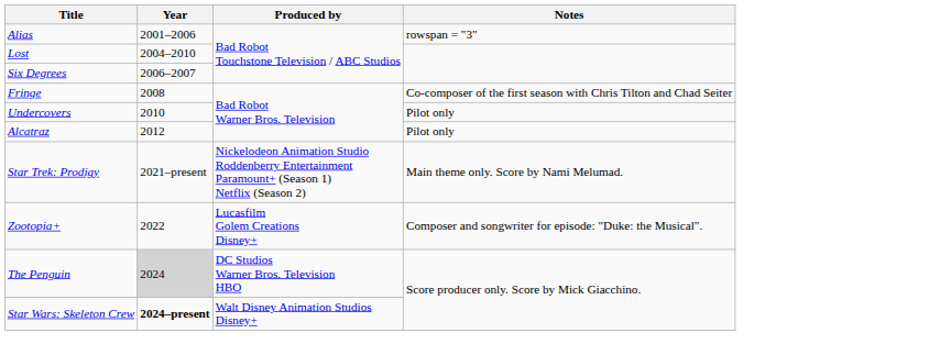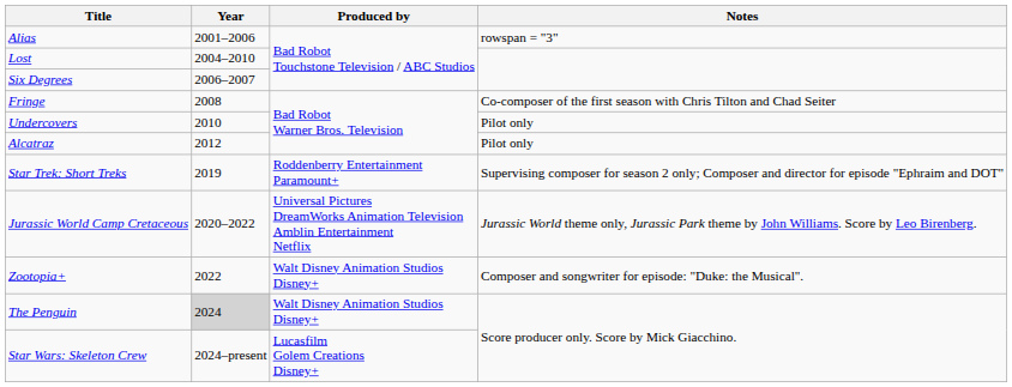 <table class="wikitable">
 <tr>
 <th>Title</th>
 <th>Year</th>
 <th>Produced by</th>
 <th>Notes</th>
 </tr>
 <tr>
 <td><em><a href='#'>Alias</a></em></td>
 <td>2001–2006</td>
 <td rowspan = "3"><a href='#'>Bad Robot</a><br><a href='#'>Touchstone Television</a> / <a href='#'>ABC Studios</a></td>
 <td>rowspan = "3" </td>
 </tr>
 <tr>
 <td><em><a href='#'>Lost</a></em></td>
 <td>2004–2010</td>
 </tr>
 <tr>
 <td><em><a href='#'>Six Degrees</a></em></td>
 <td>2006–2007</td>
 </tr>
 <tr>
 <td><em><a href='#'>Fringe</a></em></td>
 <td>2008</td>
 <td rowspan = "3"><a href='#'>Bad Robot</a><br><a href='#'>Warner Bros. Television</a></td>
 <td>Co-composer of the first season with Chris Tilton and Chad Seiter</td>
 </tr>
 <tr>
 <td><em><a href='#'>Undercovers</a></em></td>
 <td>2010</td>
 <td>Pilot only</td>
 </tr>
 <tr>
 <td><em><a href='#'>Alcatraz</a></em></td>
 <td>2012</td>
 <td>Pilot only</td>
 </tr>
 <tr>
-<td><em><a href='#'>Star Trek: Prodigy</a></em></td>
-<td>2021–present</td>
-<td><a href='#'>Nickelodeon Animation Studio</a><br><a href='#'>Roddenberry Entertainment</a><br><a href='#'>Paramount+</a> (Season 1)<br><a href='#'>Netflix</a> (Season 2)</td>
-<td>Main theme only. Score by Nami Melumad.</td>
+<td><em><a href='#'>Star Trek: Short Treks</a></em></td>
+<td>2019</td>
+<td><a href='#'>Roddenberry Entertainment</a><br><a href='#'>Paramount+</a></td>
+<td>Supervising composer for season 2 only; Composer and director for episode "Ephraim and DOT"</td>
+</tr>
+<tr>
+<td><em><a href='#'>Jurassic World Camp Cretaceous</a></em></td>
+<td>2020–2022</td>
+<td><a href='#'>Universal Pictures</a><br><a href='#'>DreamWorks Animation Television</a><br><a href='#'>Amblin Entertainment</a><br><a href='#'>Netflix</a></td>
+<td><em>Jurassic World</em>  theme only, <em>Jurassic Park</em> theme by <a href='#'>John Williams</a>. Score by <a href='#'>Leo Birenberg</a>.</td>
 </tr>
 <tr>
 <td><em><a href='#'>Zootopia+</a></em></td>
 <td>2022</td>
-<td><a href='#'>Lucasfilm</a><br><a href='#'>Golem Creations</a><br><a href='#'>Disney+</a></td>
+<td><a href='#'>Walt Disney Animation Studios</a><br><a href='#'>Disney+</a></td>
 <td>Composer and songwriter for episode: "Duke: the Musical".</td>
 </tr>
 <tr>
 <td><em><a href='#'>The Penguin</a></em></td>
 <td style="background: lightgrey;">2024</td>
-<td><a href='#'>DC Studios</a><br><a href='#'>Warner Bros. Television</a><br><a href='#'>HBO</a></td>
+<td><a href='#'>Walt Disney Animation Studios</a><br><a href='#'>Disney+</a></td>
 <td rowspan = "2">Score producer only. Score by Mick Giacchino.</td>
 </tr>
 <tr>
 <td><em><a href='#'>Star Wars: Skeleton Crew</a></em></td>
-<td><strong>2024–present</strong></td>
-<td><a href='#'>Walt Disney Animation Studios</a><br><a href='#'>Disney+</a></td>
+<td>2024–present</td>
+<td><a href='#'>Lucasfilm</a><br><a href='#'>Golem Creations</a><br><a href='#'>Disney+</a></td>
 </tr>
 </table>
